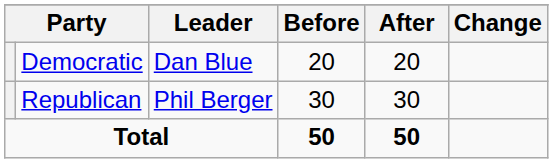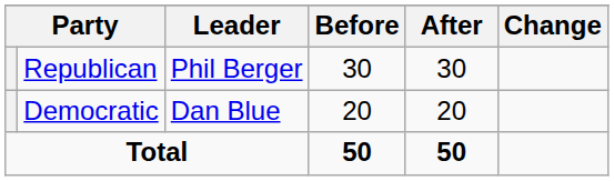 <table class="wikitable" style="text-align:center;">
 <tr>
 </tr>
 <tr>
 <th colspan="2">Party</th>
 <th>Leader</th>
 <th style="width:3em">Before</th>
 <th style="width:3em">After</th>
 <th style="width:3em">Change</th>
 </tr>
 <tr>
 <th style="background-color:"></th>
+<td style="text-align:left;"><a href='#'>Republican</a></td>
+<td style="text-align:left;"><a href='#'>Phil Berger</a></td>
+<td>30</td>
+<td>30</td>
+<td></td>
+</tr>
+<tr>
+<th style="background-color:"></th>
 <td style="text-align:left;"><a href='#'>Democratic</a></td>
 <td style="text-align:left;"><a href='#'>Dan Blue</a></td>
 <td>20</td>
 <td>20</td>
-<td></td>
-</tr>
-<tr>
-<th style="background-color:"></th>
-<td style="text-align:left;"><a href='#'>Republican</a></td>
-<td style="text-align:left;"><a href='#'>Phil Berger</a></td>
-<td>30</td>
-<td>30</td>
 <td></td>
 </tr>
 <tr>
 <td colspan="3"><strong>Total</strong></td>
 <td><strong>50</strong></td>
 <td><strong>50</strong></td>
 <td></td>
 </tr>
 </table>
